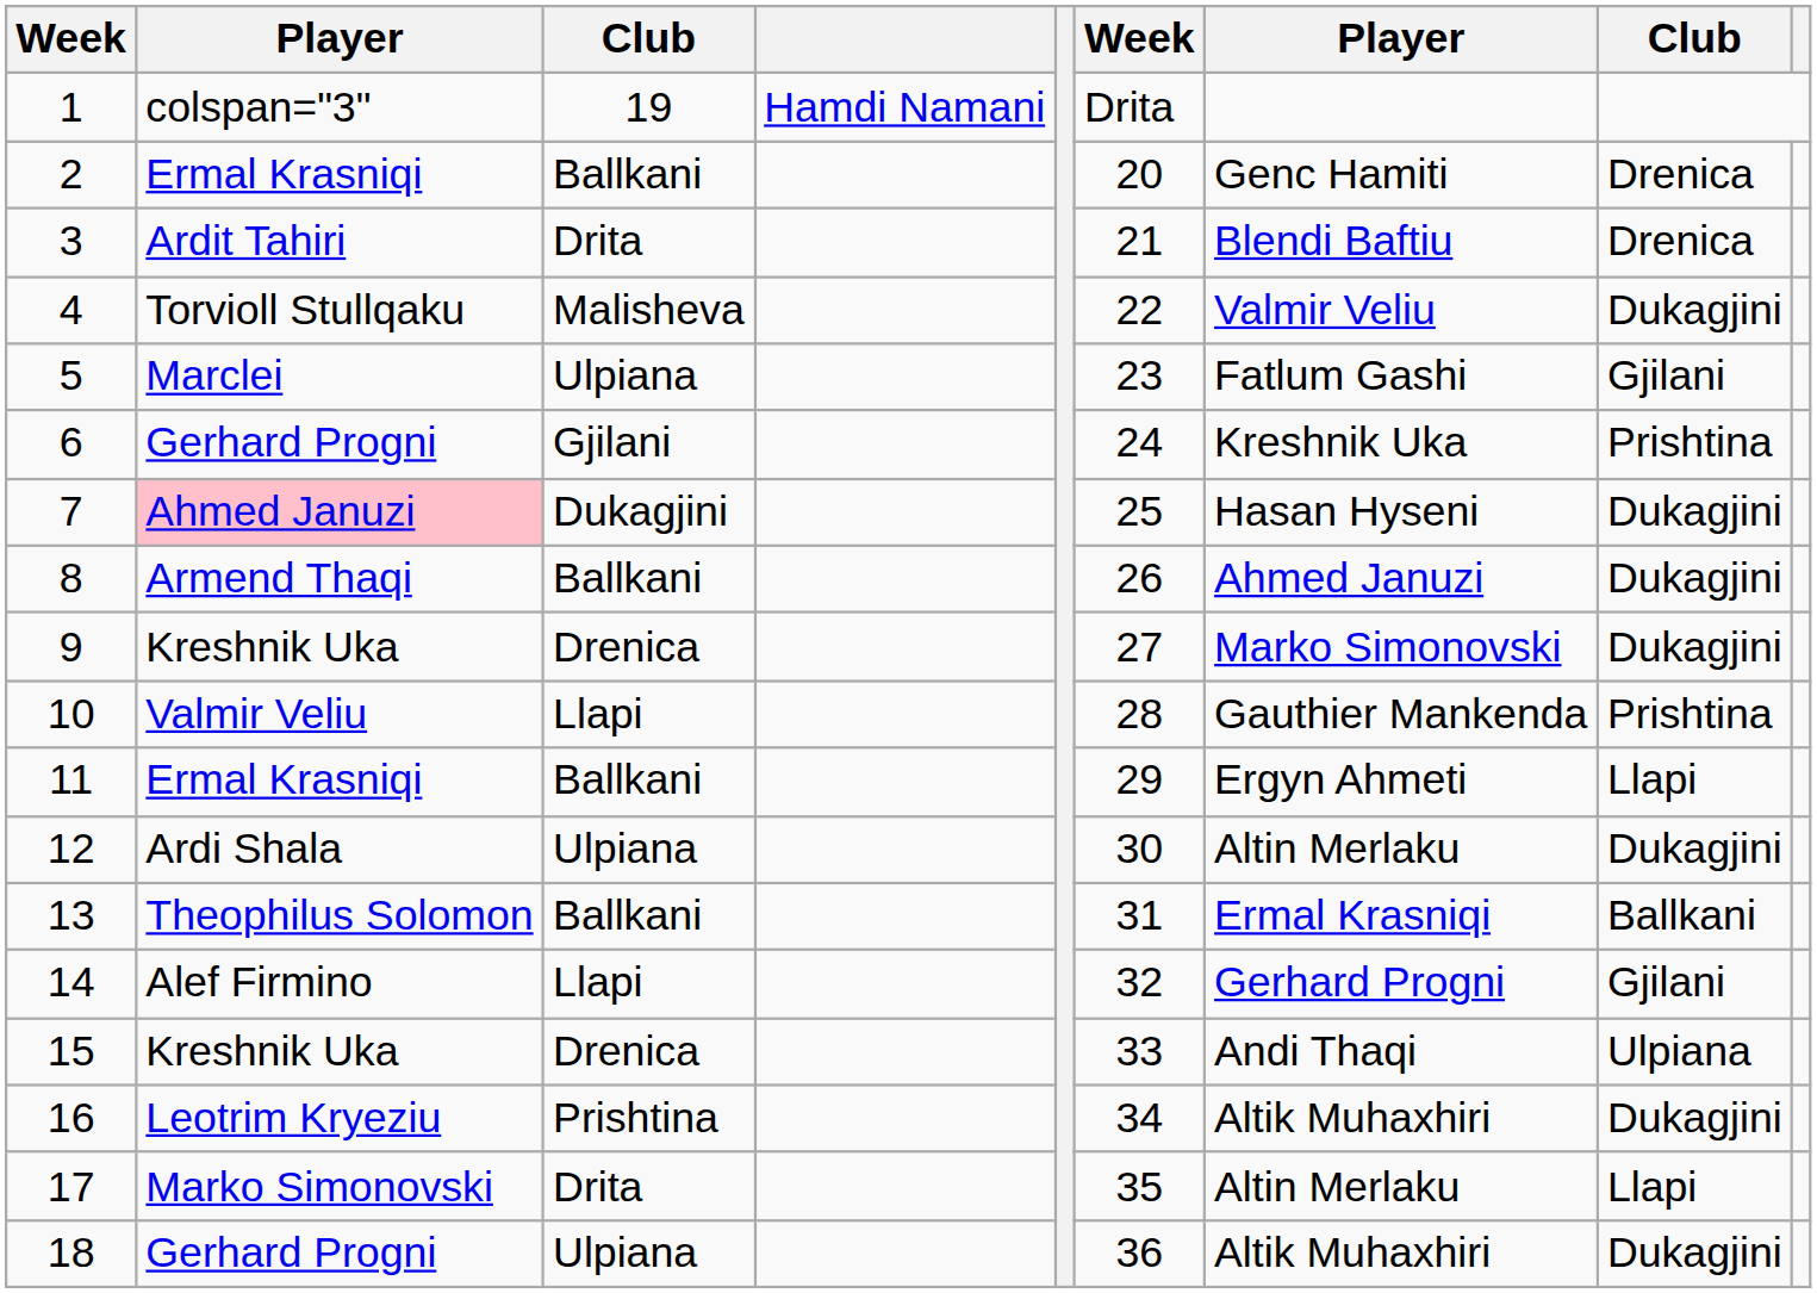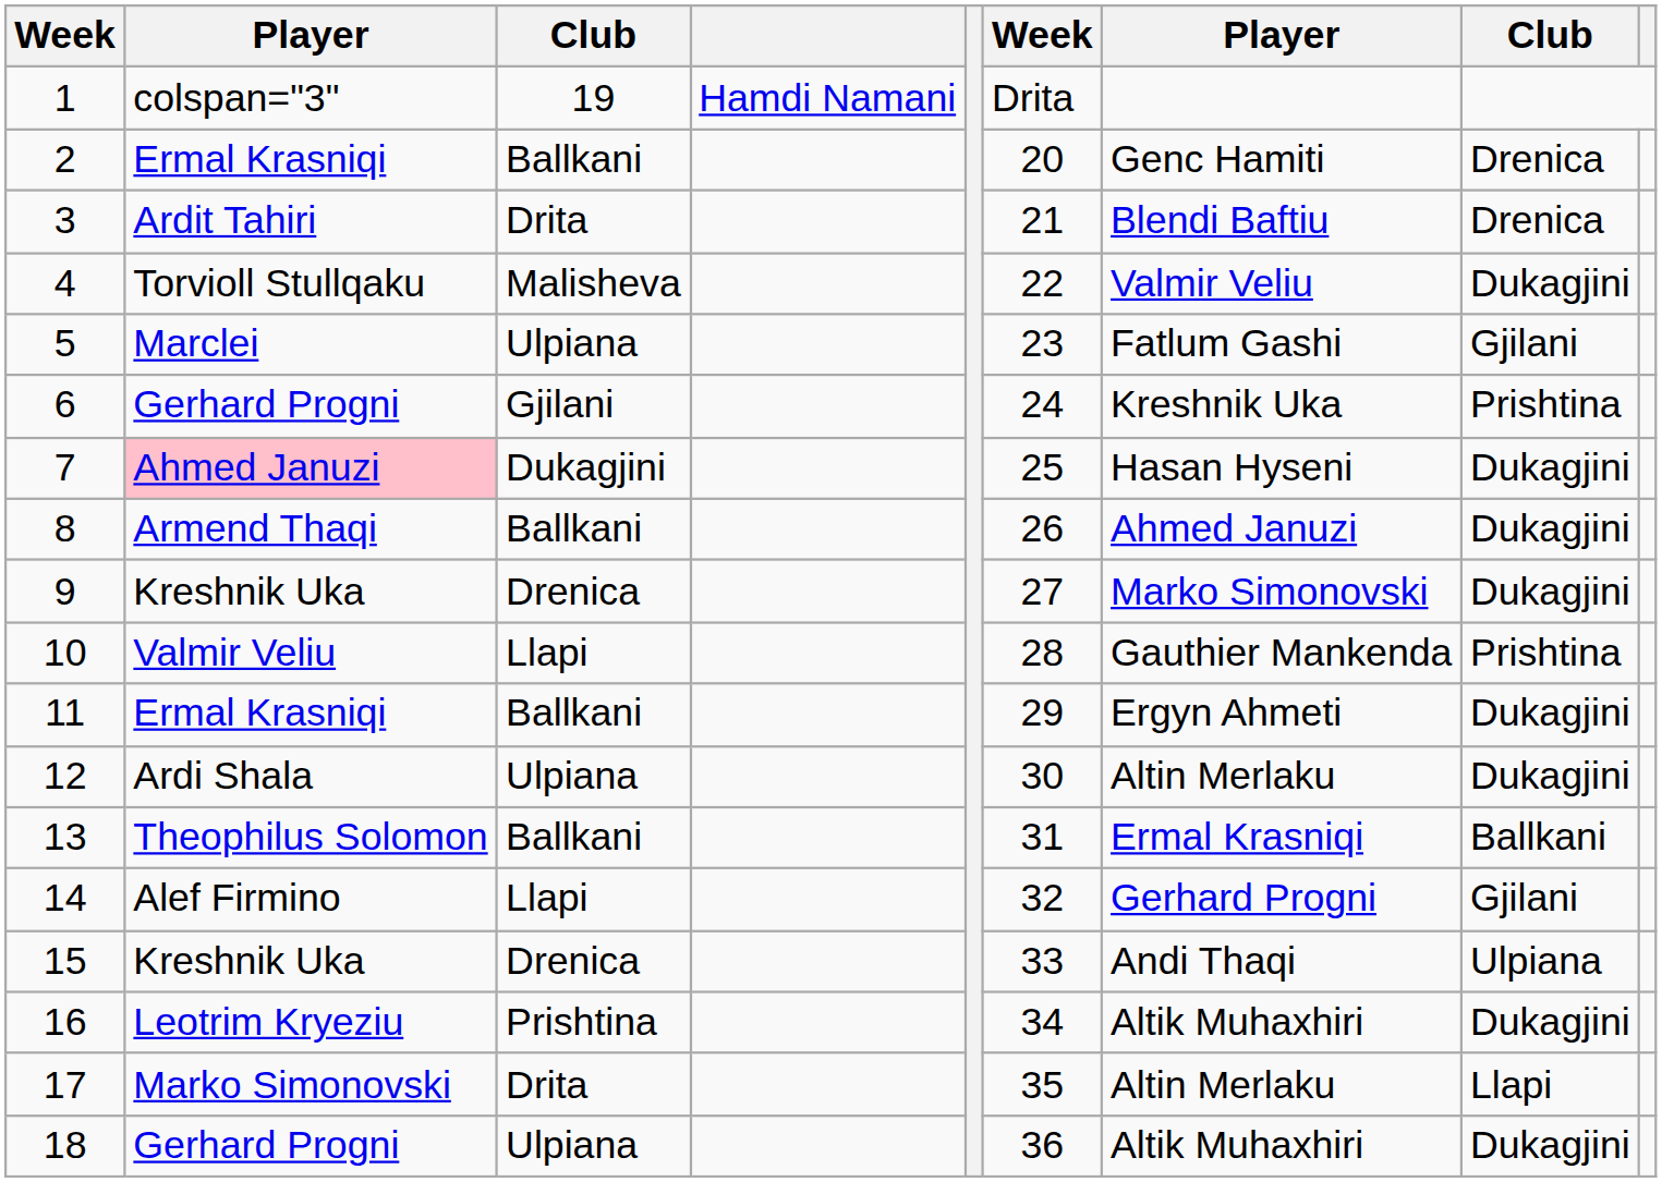 <table class="wikitable">
 <tr>
 <th>Week</th>
 <th>Player</th>
 <th>Club</th>
 <th></th>
 <th rowspan="19"></th>
 <th>Week</th>
 <th>Player</th>
 <th>Club</th>
 <th></th>
 </tr>
 <tr>
 <td align="center">1</td>
 <td>colspan="3" </td>
 <td align="center">19</td>
 <td> <a href='#'>Hamdi Namani</a></td>
 <td>Drita</td>
 <td align="center"></td>
 </tr>
 <tr>
 <td align="center">2</td>
 <td> <a href='#'>Ermal Krasniqi</a></td>
 <td>Ballkani</td>
 <td align="center"></td>
 <td align="center">20</td>
 <td> Genc Hamiti</td>
 <td>Drenica</td>
 <td align="center"></td>
 </tr>
 <tr>
 <td align="center">3</td>
 <td> <a href='#'>Ardit Tahiri</a></td>
 <td>Drita</td>
 <td align="center"></td>
 <td align="center">21</td>
 <td> <a href='#'>Blendi Baftiu</a></td>
 <td>Drenica</td>
 <td align="center"></td>
 </tr>
 <tr>
 <td align="center">4</td>
 <td> Torvioll Stullqaku</td>
 <td>Malisheva</td>
 <td align="center"></td>
 <td align="center">22</td>
 <td> <a href='#'>Valmir Veliu</a></td>
 <td>Dukagjini</td>
 <td align="center"></td>
 </tr>
 <tr>
 <td align="center">5</td>
 <td> <a href='#'>Marclei</a></td>
 <td>Ulpiana</td>
 <td align="center"></td>
 <td align="center">23</td>
 <td> Fatlum Gashi</td>
 <td>Gjilani</td>
 <td align="center"></td>
 </tr>
 <tr>
 <td align="center">6</td>
 <td> <a href='#'>Gerhard Progni</a></td>
 <td>Gjilani</td>
 <td align="center"></td>
 <td align="center">24</td>
 <td> Kreshnik Uka</td>
 <td>Prishtina</td>
 <td align="center"></td>
 </tr>
 <tr>
 <td align="center">7</td>
 <td style="background: pink;"> <a href='#'>Ahmed Januzi</a></td>
 <td>Dukagjini</td>
 <td align="center"></td>
 <td align="center">25</td>
 <td> Hasan Hyseni</td>
 <td>Dukagjini</td>
 <td align="center"></td>
 </tr>
 <tr>
 <td align="center">8</td>
 <td> <a href='#'>Armend Thaqi</a></td>
 <td>Ballkani</td>
 <td align="center"></td>
 <td align="center">26</td>
 <td> <a href='#'>Ahmed Januzi</a></td>
 <td>Dukagjini</td>
 <td align="center"></td>
 </tr>
 <tr>
 <td align="center">9</td>
 <td> Kreshnik Uka</td>
 <td>Drenica</td>
 <td align="center"></td>
 <td align="center">27</td>
 <td> <a href='#'>Marko Simonovski</a></td>
 <td>Dukagjini</td>
 <td align="center"></td>
 </tr>
 <tr>
 <td align="center">10</td>
 <td> <a href='#'>Valmir Veliu</a></td>
 <td>Llapi</td>
 <td align="center"></td>
 <td align="center">28</td>
 <td> Gauthier Mankenda</td>
 <td>Prishtina</td>
 <td align="center"></td>
 </tr>
 <tr>
 <td align="center">11</td>
 <td> <a href='#'>Ermal Krasniqi</a></td>
 <td>Ballkani</td>
 <td align="center"></td>
 <td align="center">29</td>
 <td> Ergyn Ahmeti</td>
-<td>Llapi</td>
+<td>Dukagjini</td>
 <td align="center"></td>
 </tr>
 <tr>
 <td align="center">12</td>
 <td> Ardi Shala</td>
 <td>Ulpiana</td>
 <td align="center"></td>
 <td align="center">30</td>
 <td> Altin Merlaku</td>
 <td>Dukagjini</td>
 <td align="center"></td>
 </tr>
 <tr>
 <td align="center">13</td>
 <td> <a href='#'>Theophilus Solomon</a></td>
 <td>Ballkani</td>
 <td align="center"></td>
 <td align="center">31</td>
 <td> <a href='#'>Ermal Krasniqi</a></td>
 <td>Ballkani</td>
 <td align="center"></td>
 </tr>
 <tr>
 <td align="center">14</td>
 <td> Alef Firmino</td>
 <td>Llapi</td>
 <td align="center"></td>
 <td align="center">32</td>
 <td> <a href='#'>Gerhard Progni</a></td>
 <td>Gjilani</td>
 <td align="center"></td>
 </tr>
 <tr>
 <td align="center">15</td>
 <td> Kreshnik Uka</td>
 <td>Drenica</td>
 <td align="center"></td>
 <td align="center">33</td>
 <td> Andi Thaqi</td>
 <td>Ulpiana</td>
 <td align="center"></td>
 </tr>
 <tr>
 <td align="center">16</td>
 <td> <a href='#'>Leotrim Kryeziu</a></td>
 <td>Prishtina</td>
 <td align="center"></td>
 <td align="center">34</td>
 <td> Altik Muhaxhiri</td>
 <td>Dukagjini</td>
 <td align="center"></td>
 </tr>
 <tr>
 <td align="center">17</td>
 <td> <a href='#'>Marko Simonovski</a></td>
 <td>Drita</td>
 <td align="center"></td>
 <td align="center">35</td>
 <td> Altin Merlaku</td>
 <td>Llapi</td>
 <td align="center"></td>
 </tr>
 <tr>
 <td align="center">18</td>
 <td> <a href='#'>Gerhard Progni</a></td>
 <td>Ulpiana</td>
 <td align="center"></td>
 <td align="center">36</td>
 <td> Altik Muhaxhiri</td>
 <td>Dukagjini</td>
 <td align="center"></td>
 </tr>
 </table>
